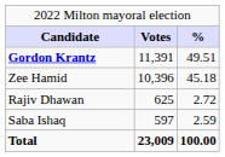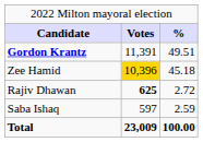 <table class="wikitable sortable">
 <tr>
 <td colspan="3" style="text-align:center;">2022 Milton mayoral election </td>
 </tr>
 <tr>
 <th style="background:#ddf; width:150px;">Candidate</th>
 <th style="background:#ddf;">Votes</th>
 <th style="background:#ddf;">%</th>
 </tr>
 <tr>
 <td><strong><a href='#'>Gordon Krantz</a></strong></td>
 <td align=right>11,391</td>
 <td style="text-align:right;">49.51</td>
 </tr>
 <tr>
 <td>Zee Hamid</td>
-<td style="text-align:right;">10,396</td>
+<td style="background: gold; text-align:right;">10,396</td>
 <td style="text-align:right;">45.18</td>
 </tr>
 <tr>
 <td>Rajiv Dhawan</td>
-<td align=right>625</td>
+<td align=right><strong>625</strong></td>
 <td style="text-align:right;">2.72</td>
 </tr>
 <tr>
 <td>Saba Ishaq</td>
 <td align=right>597</td>
 <td style="text-align:right;">2.59</td>
 </tr>
 <tr>
 <td><strong>Total</strong></td>
 <td align=right><strong>23,009</strong></td>
 <td style="text-align:right;"><strong>100.00</strong></td>
 </tr>
 </table>
